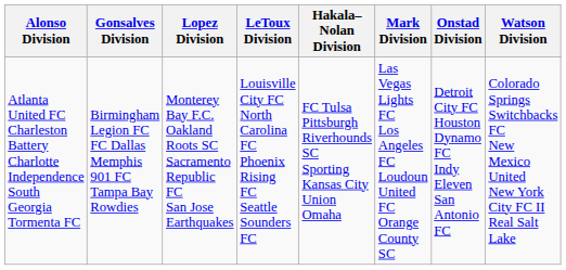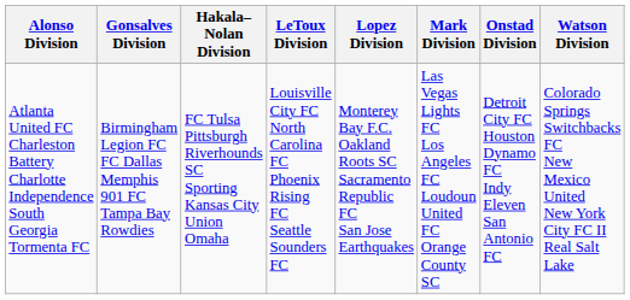 <table class="wikitable">
 <tr>
 <th><a href='#'>Alonso</a> Division</th>
 <th><a href='#'>Gonsalves</a> Division</th>
+<th>Hakala–Nolan Division</th>
+<th><a href='#'>LeToux</a> Division</th>
 <th><a href='#'>Lopez</a> Division</th>
-<th><a href='#'>LeToux</a> Division</th>
-<th>Hakala–Nolan Division</th>
 <th><a href='#'>Mark</a> Division</th>
 <th><a href='#'>Onstad</a> Division</th>
 <th><a href='#'>Watson</a> Division</th>
 </tr>
 <tr>
 <td><a href='#'>Atlanta United FC</a> <br> <a href='#'>Charleston Battery</a>  <br> <a href='#'>Charlotte Independence</a> <br> <a href='#'>South Georgia Tormenta FC</a></td>
 <td><a href='#'>Birmingham Legion FC</a> <br> <a href='#'>FC Dallas</a> <br> <a href='#'>Memphis 901 FC</a><br> <a href='#'>Tampa Bay Rowdies</a></td>
+<td><a href='#'>FC Tulsa</a> <br> <a href='#'>Pittsburgh Riverhounds SC</a> <br> <a href='#'>Sporting Kansas City</a> <br> <a href='#'>Union Omaha</a></td>
+<td><a href='#'>Louisville City FC</a> <br> <a href='#'>North Carolina FC</a> <br> <a href='#'>Phoenix Rising FC</a> <br> <a href='#'>Seattle Sounders FC</a></td>
 <td><a href='#'>Monterey Bay F.C.</a> <br> <a href='#'>Oakland Roots SC</a> <br> <a href='#'>Sacramento Republic FC</a> <br> <a href='#'>San Jose Earthquakes</a></td>
-<td><a href='#'>Louisville City FC</a> <br> <a href='#'>North Carolina FC</a> <br> <a href='#'>Phoenix Rising FC</a> <br> <a href='#'>Seattle Sounders FC</a></td>
-<td><a href='#'>FC Tulsa</a> <br> <a href='#'>Pittsburgh Riverhounds SC</a> <br> <a href='#'>Sporting Kansas City</a> <br> <a href='#'>Union Omaha</a></td>
 <td><a href='#'>Las Vegas Lights FC</a> <br> <a href='#'>Los Angeles FC</a> <br> <a href='#'>Loudoun United FC</a> <br> <a href='#'>Orange County SC</a></td>
 <td><a href='#'>Detroit City FC</a> <br> <a href='#'>Houston Dynamo FC</a> <br> <a href='#'>Indy Eleven</a> <br> <a href='#'>San Antonio FC</a></td>
 <td><a href='#'>Colorado Springs Switchbacks FC</a> <br> <a href='#'>New Mexico United</a> <br> <a href='#'>New York City FC II</a> <br> <a href='#'>Real Salt Lake</a></td>
 </tr>
 </table>
